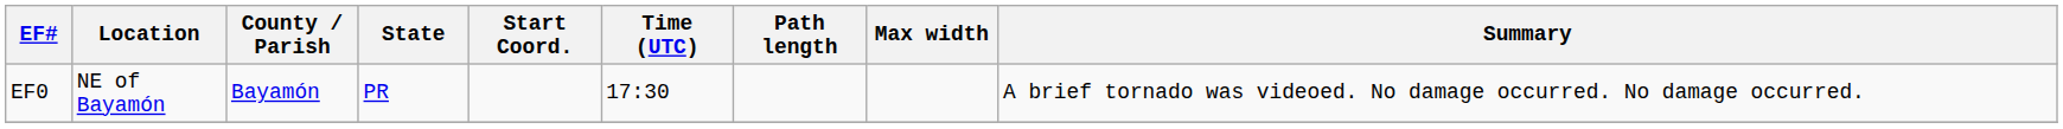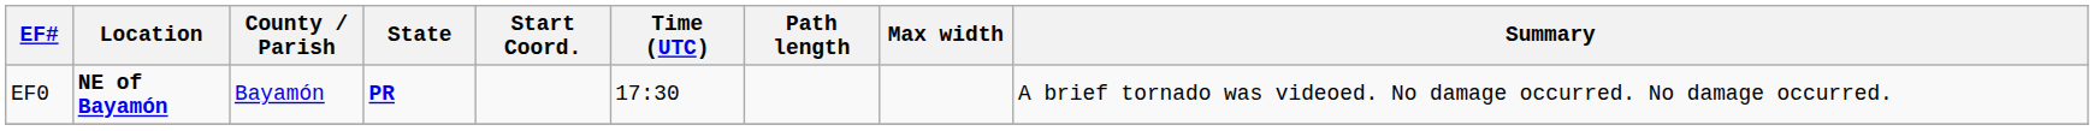 <table class="wikitable sortable" style="width:100%;">
 <tr>
 <th scope="col"  style="width:3%; text-align:center;"><a href='#'>EF#</a></th>
 <th scope="col"  style="width:7%; text-align:center;" class="unsortable">Location</th>
 <th scope="col"  style="width:6%; text-align:center;" class="unsortable">County / Parish</th>
 <th scope="col"  style="width:5%; text-align:center;">State</th>
 <th scope="col"  style="width:6%; text-align:center;">Start Coord.</th>
 <th scope="col"  style="width:6%; text-align:center;">Time (<a href='#'>UTC</a>)</th>
 <th scope="col"  style="width:6%; text-align:center;">Path length</th>
 <th scope="col"  style="width:6%; text-align:center;">Max width</th>
 <th scope="col" class="unsortable" style="width:48%; text-align:center;">Summary</th>
 </tr>
 <tr>
 <td bgcolor=>EF0</td>
-<td>NE of <a href='#'>Bayamón</a></td>
+<td><strong>NE of <a href='#'>Bayamón</a></strong></td>
 <td><a href='#'>Bayamón</a></td>
-<td><a href='#'>PR</a></td>
+<td><strong><a href='#'>PR</a></strong></td>
 <td></td>
 <td>17:30</td>
 <td></td>
 <td></td>
 <td>A brief tornado was videoed. No damage occurred. No damage occurred.</td>
 </tr>
 <tr>
 </tr>
 </table>
